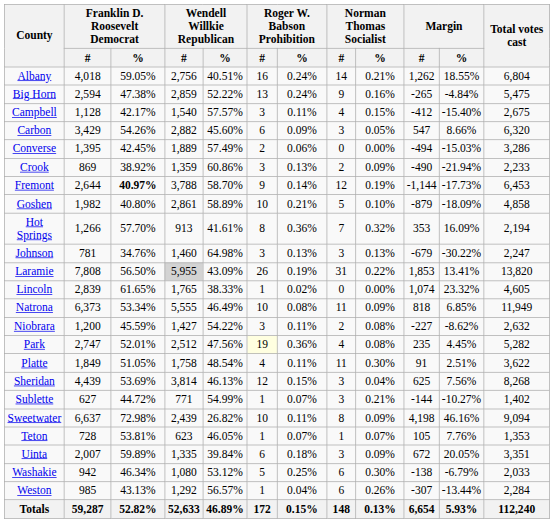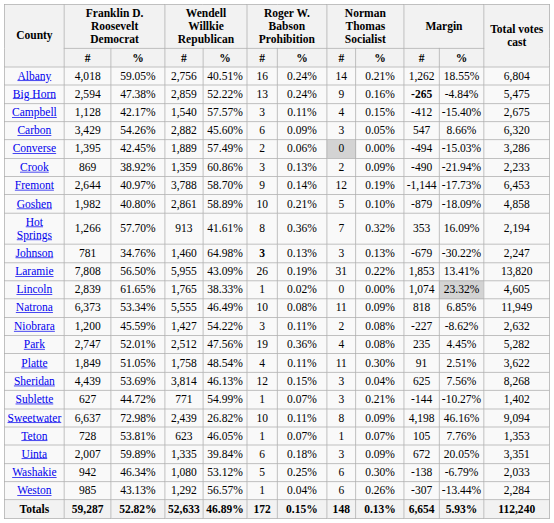 <table width="60%"  class="wikitable sortable" style="text-align:center">
 <tr>
 <th style="text-align:center;" rowspan="2">County</th>
 <th style="text-align:center;" colspan="2">Franklin D. Roosevelt<br>Democrat</th>
 <th style="text-align:center;" colspan="2">Wendell Willkie<br>Republican</th>
 <th style="text-align:center;" colspan="2">Roger W. Babson<br>Prohibition</th>
 <th style="text-align:center;" colspan="2">Norman Thomas<br>Socialist</th>
 <th style="text-align:center;" colspan="2">Margin</th>
 <th style="text-align:center;" rowspan="2">Total votes cast</th>
 </tr>
 <tr>
 <th style="text-align:center;" data-sort-type="number">#</th>
 <th style="text-align:center;" data-sort-type="number">%</th>
 <th style="text-align:center;" data-sort-type="number">#</th>
 <th style="text-align:center;" data-sort-type="number">%</th>
 <th style="text-align:center;" data-sort-type="number">#</th>
 <th style="text-align:center;" data-sort-type="number">%</th>
 <th style="text-align:center;" data-sort-type="number">#</th>
 <th style="text-align:center;" data-sort-type="number">%</th>
 <th style="text-align:center;" data-sort-type="number">#</th>
 <th style="text-align:center;" data-sort-type="number">%</th>
 </tr>
 <tr style="text-align:center;">
 <td><a href='#'>Albany</a></td>
 <td>4,018</td>
 <td>59.05%</td>
 <td>2,756</td>
 <td>40.51%</td>
 <td>16</td>
 <td>0.24%</td>
 <td>14</td>
 <td>0.21%</td>
 <td>1,262</td>
 <td>18.55%</td>
 <td>6,804</td>
 </tr>
 <tr style="text-align:center;">
 <td><a href='#'>Big Horn</a></td>
 <td>2,594</td>
 <td>47.38%</td>
 <td>2,859</td>
 <td>52.22%</td>
 <td>13</td>
 <td>0.24%</td>
 <td>9</td>
 <td>0.16%</td>
-<td>-265</td>
+<td><strong>-265</strong></td>
 <td>-4.84%</td>
 <td>5,475</td>
 </tr>
 <tr style="text-align:center;">
 <td><a href='#'>Campbell</a></td>
 <td>1,128</td>
 <td>42.17%</td>
 <td>1,540</td>
 <td>57.57%</td>
 <td>3</td>
 <td>0.11%</td>
 <td>4</td>
 <td>0.15%</td>
 <td>-412</td>
 <td>-15.40%</td>
 <td>2,675</td>
 </tr>
 <tr style="text-align:center;">
 <td><a href='#'>Carbon</a></td>
 <td>3,429</td>
 <td>54.26%</td>
 <td>2,882</td>
 <td>45.60%</td>
 <td>6</td>
 <td>0.09%</td>
 <td>3</td>
 <td>0.05%</td>
 <td>547</td>
 <td>8.66%</td>
 <td>6,320</td>
 </tr>
 <tr style="text-align:center;">
 <td><a href='#'>Converse</a></td>
 <td>1,395</td>
 <td>42.45%</td>
 <td>1,889</td>
 <td>57.49%</td>
 <td>2</td>
 <td>0.06%</td>
-<td>0</td>
+<td style="background: lightgrey;">0</td>
 <td>0.00%</td>
 <td>-494</td>
 <td>-15.03%</td>
 <td>3,286</td>
 </tr>
 <tr style="text-align:center;">
 <td><a href='#'>Crook</a></td>
 <td>869</td>
 <td>38.92%</td>
 <td>1,359</td>
 <td>60.86%</td>
 <td>3</td>
 <td>0.13%</td>
 <td>2</td>
 <td>0.09%</td>
 <td>-490</td>
 <td>-21.94%</td>
 <td>2,233</td>
 </tr>
 <tr style="text-align:center;">
 <td><a href='#'>Fremont</a></td>
 <td>2,644</td>
-<td><strong>40.97%</strong></td>
+<td>40.97%</td>
 <td>3,788</td>
 <td>58.70%</td>
 <td>9</td>
 <td>0.14%</td>
 <td>12</td>
 <td>0.19%</td>
 <td>-1,144</td>
 <td>-17.73%</td>
 <td>6,453</td>
 </tr>
 <tr style="text-align:center;">
 <td><a href='#'>Goshen</a></td>
 <td>1,982</td>
 <td>40.80%</td>
 <td>2,861</td>
 <td>58.89%</td>
 <td>10</td>
 <td>0.21%</td>
 <td>5</td>
 <td>0.10%</td>
 <td>-879</td>
 <td>-18.09%</td>
 <td>4,858</td>
 </tr>
 <tr style="text-align:center;">
 <td><a href='#'>Hot Springs</a></td>
 <td>1,266</td>
 <td>57.70%</td>
 <td>913</td>
 <td>41.61%</td>
 <td>8</td>
 <td>0.36%</td>
 <td>7</td>
 <td>0.32%</td>
 <td>353</td>
 <td>16.09%</td>
 <td>2,194</td>
 </tr>
 <tr style="text-align:center;">
 <td><a href='#'>Johnson</a></td>
 <td>781</td>
 <td>34.76%</td>
 <td>1,460</td>
 <td>64.98%</td>
-<td>3</td>
+<td><strong>3</strong></td>
 <td>0.13%</td>
 <td>3</td>
 <td>0.13%</td>
 <td>-679</td>
 <td>-30.22%</td>
 <td>2,247</td>
 </tr>
 <tr style="text-align:center;">
 <td><a href='#'>Laramie</a></td>
 <td>7,808</td>
 <td>56.50%</td>
-<td style="background: lightgrey;">5,955</td>
+<td>5,955</td>
 <td>43.09%</td>
 <td>26</td>
 <td>0.19%</td>
 <td>31</td>
 <td>0.22%</td>
 <td>1,853</td>
 <td>13.41%</td>
 <td>13,820</td>
 </tr>
 <tr style="text-align:center;">
 <td><a href='#'>Lincoln</a></td>
 <td>2,839</td>
 <td>61.65%</td>
 <td>1,765</td>
 <td>38.33%</td>
 <td>1</td>
 <td>0.02%</td>
 <td>0</td>
 <td>0.00%</td>
 <td>1,074</td>
-<td>23.32%</td>
+<td style="background: lightgrey;">23.32%</td>
 <td>4,605</td>
 </tr>
 <tr style="text-align:center;">
 <td><a href='#'>Natrona</a></td>
 <td>6,373</td>
 <td>53.34%</td>
 <td>5,555</td>
 <td>46.49%</td>
 <td>10</td>
 <td>0.08%</td>
 <td>11</td>
 <td>0.09%</td>
 <td>818</td>
 <td>6.85%</td>
 <td>11,949</td>
 </tr>
 <tr style="text-align:center;">
 <td><a href='#'>Niobrara</a></td>
 <td>1,200</td>
 <td>45.59%</td>
 <td>1,427</td>
 <td>54.22%</td>
 <td>3</td>
 <td>0.11%</td>
 <td>2</td>
 <td>0.08%</td>
 <td>-227</td>
 <td>-8.62%</td>
 <td>2,632</td>
 </tr>
 <tr style="text-align:center;">
 <td><a href='#'>Park</a></td>
 <td>2,747</td>
 <td>52.01%</td>
 <td>2,512</td>
 <td>47.56%</td>
-<td style="background: lightyellow;">19</td>
+<td>19</td>
 <td>0.36%</td>
 <td>4</td>
 <td>0.08%</td>
 <td>235</td>
 <td>4.45%</td>
 <td>5,282</td>
 </tr>
 <tr style="text-align:center;">
 <td><a href='#'>Platte</a></td>
 <td>1,849</td>
 <td>51.05%</td>
 <td>1,758</td>
 <td>48.54%</td>
 <td>4</td>
 <td>0.11%</td>
 <td>11</td>
 <td>0.30%</td>
 <td>91</td>
 <td>2.51%</td>
 <td>3,622</td>
 </tr>
 <tr style="text-align:center;">
 <td><a href='#'>Sheridan</a></td>
 <td>4,439</td>
 <td>53.69%</td>
 <td>3,814</td>
 <td>46.13%</td>
 <td>12</td>
 <td>0.15%</td>
 <td>3</td>
 <td>0.04%</td>
 <td>625</td>
 <td>7.56%</td>
 <td>8,268</td>
 </tr>
 <tr style="text-align:center;">
 <td><a href='#'>Sublette</a></td>
 <td>627</td>
 <td>44.72%</td>
 <td>771</td>
 <td>54.99%</td>
 <td>1</td>
 <td>0.07%</td>
 <td>3</td>
 <td>0.21%</td>
 <td>-144</td>
 <td>-10.27%</td>
 <td>1,402</td>
 </tr>
 <tr style="text-align:center;">
 <td><a href='#'>Sweetwater</a></td>
 <td>6,637</td>
 <td>72.98%</td>
 <td>2,439</td>
 <td>26.82%</td>
 <td>10</td>
 <td>0.11%</td>
 <td>8</td>
 <td>0.09%</td>
 <td>4,198</td>
 <td>46.16%</td>
 <td>9,094</td>
 </tr>
 <tr style="text-align:center;">
 <td><a href='#'>Teton</a></td>
 <td>728</td>
 <td>53.81%</td>
 <td>623</td>
 <td>46.05%</td>
 <td>1</td>
 <td>0.07%</td>
 <td>1</td>
 <td>0.07%</td>
 <td>105</td>
 <td>7.76%</td>
 <td>1,353</td>
 </tr>
 <tr style="text-align:center;">
 <td><a href='#'>Uinta</a></td>
 <td>2,007</td>
 <td>59.89%</td>
 <td>1,335</td>
 <td>39.84%</td>
 <td>6</td>
 <td>0.18%</td>
 <td>3</td>
 <td>0.09%</td>
 <td>672</td>
 <td>20.05%</td>
 <td>3,351</td>
 </tr>
 <tr style="text-align:center;">
 <td><a href='#'>Washakie</a></td>
 <td>942</td>
 <td>46.34%</td>
 <td>1,080</td>
 <td>53.12%</td>
 <td>5</td>
 <td>0.25%</td>
 <td>6</td>
 <td>0.30%</td>
 <td>-138</td>
 <td>-6.79%</td>
 <td>2,033</td>
 </tr>
 <tr style="text-align:center;">
 <td><a href='#'>Weston</a></td>
 <td>985</td>
 <td>43.13%</td>
 <td>1,292</td>
 <td>56.57%</td>
 <td>1</td>
 <td>0.04%</td>
 <td>6</td>
 <td>0.26%</td>
 <td>-307</td>
 <td>-13.44%</td>
 <td>2,284</td>
 </tr>
 <tr style="text-align:center;">
 <th>Totals</th>
 <th>59,287</th>
 <th>52.82%</th>
 <th>52,633</th>
 <th>46.89%</th>
 <th>172</th>
 <th>0.15%</th>
 <th>148</th>
 <th>0.13%</th>
 <th>6,654</th>
 <th>5.93%</th>
 <th>112,240</th>
 </tr>
 </table>
